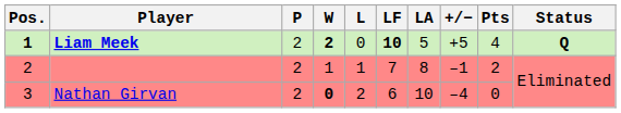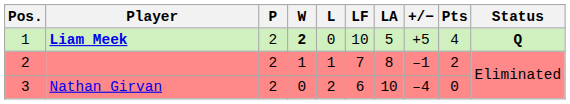 <table class="wikitable" style="text-align:center; margin: 1em auto 1em auto, align:left">
 <tr>
 <th width=20>Pos.</th>
 <th width=185>Player</th>
 <th width=20>P</th>
 <th width=20>W</th>
 <th width=20>L</th>
 <th width=20>LF</th>
 <th width=20>LA</th>
 <th width=25>+/−</th>
 <th width=20>Pts</th>
 <th width=70>Status</th>
 </tr>
 <tr style="background:#D0F0C0;">
-<td><strong>1</strong></td>
+<td>1</td>
 <td align=left> <strong><a href='#'>Liam Meek</a></strong></td>
 <td>2</td>
 <td><strong>2</strong></td>
 <td>0</td>
-<td><strong>10</strong></td>
+<td>10</td>
 <td>5</td>
 <td>+5</td>
 <td>4</td>
 <td><strong>Q</strong></td>
 </tr>
 <tr style="background:#FF8888;">
 <td>2</td>
 <td align=left></td>
 <td>2</td>
 <td>1</td>
 <td>1</td>
 <td>7</td>
 <td>8</td>
 <td>–1</td>
 <td>2</td>
 <td rowspan=2>Eliminated</td>
 </tr>
 <tr style="background:#FF8888;">
 <td>3</td>
 <td align=left> <a href='#'>Nathan Girvan</a></td>
 <td>2</td>
-<td><strong>0</strong></td>
+<td>0</td>
 <td>2</td>
 <td>6</td>
 <td>10</td>
 <td>–4</td>
 <td>0</td>
 </tr>
 </table>
